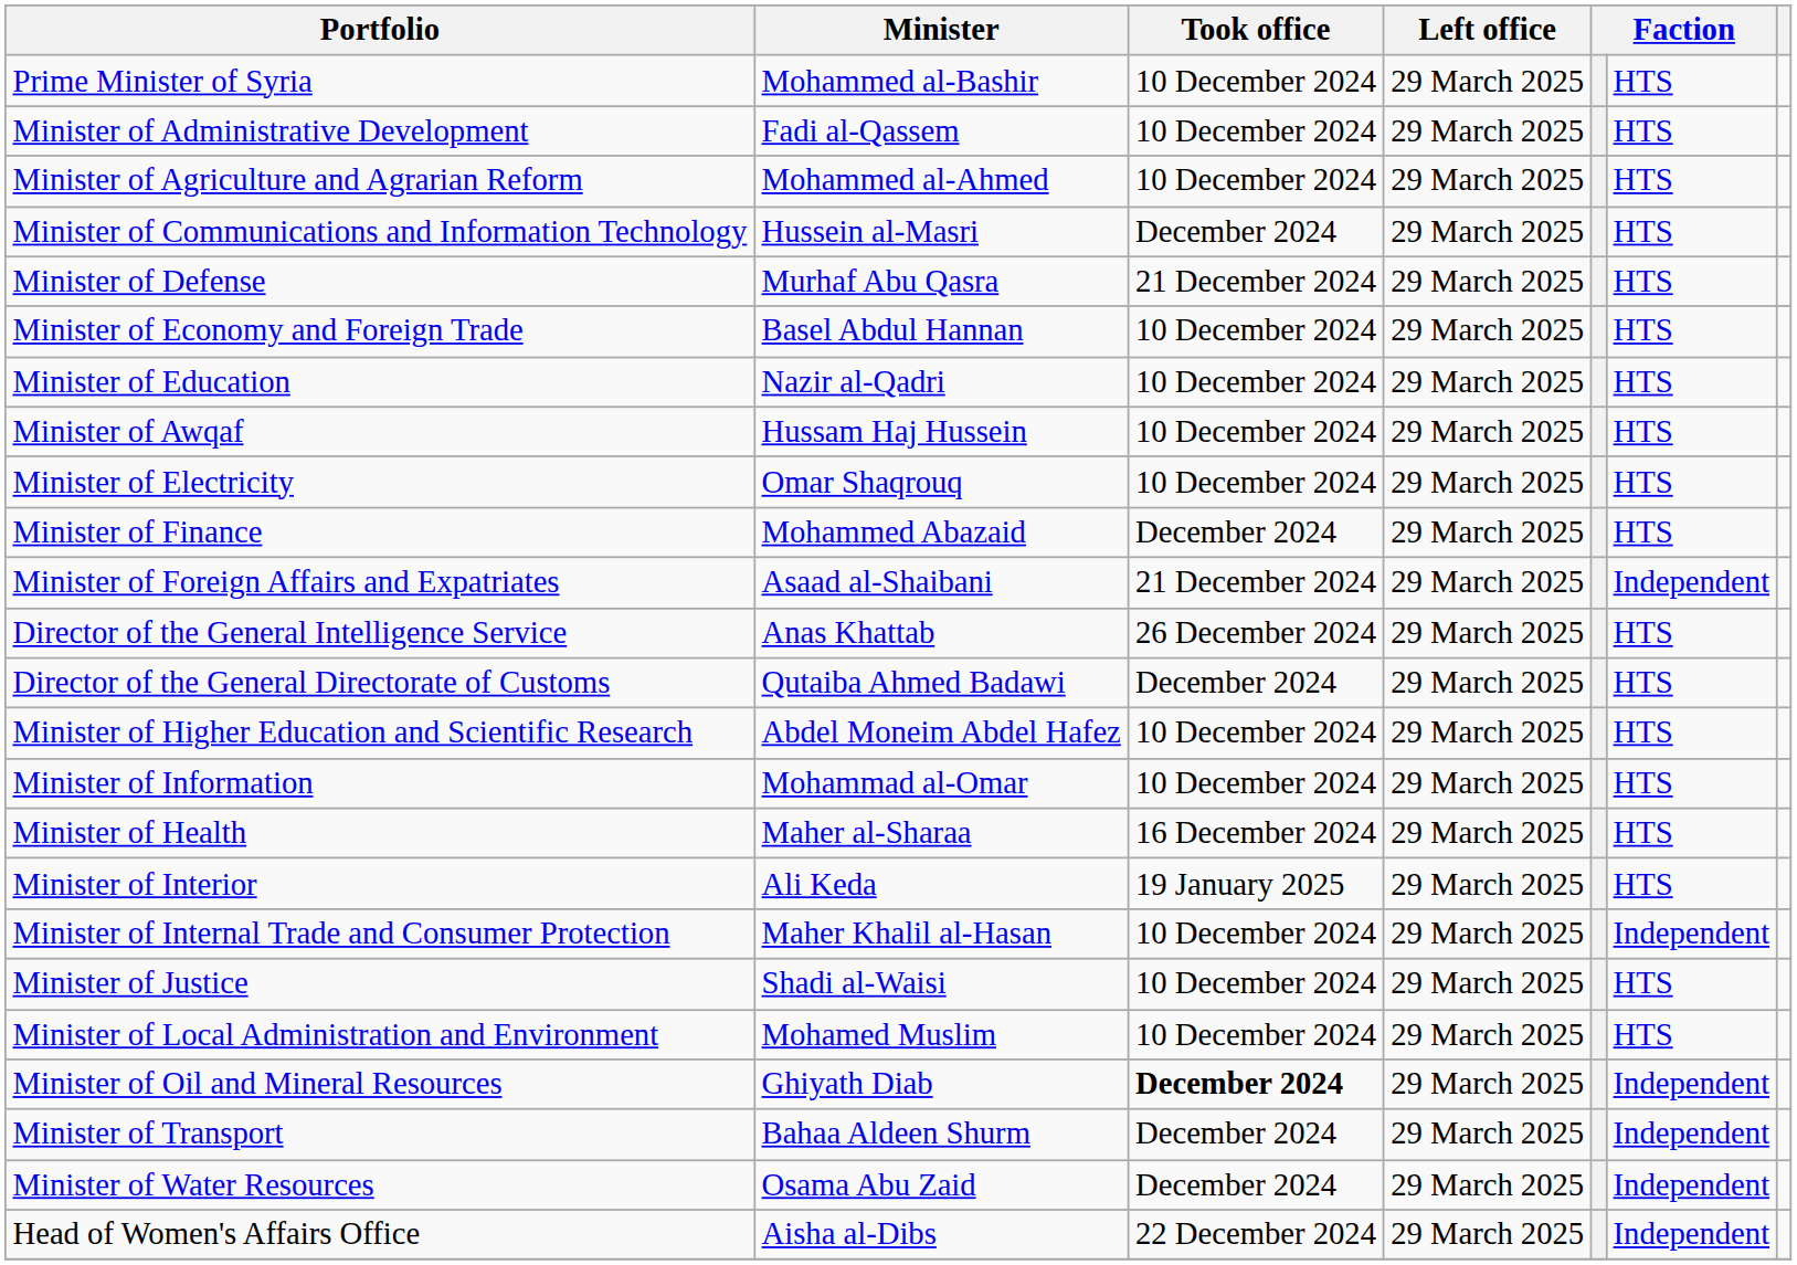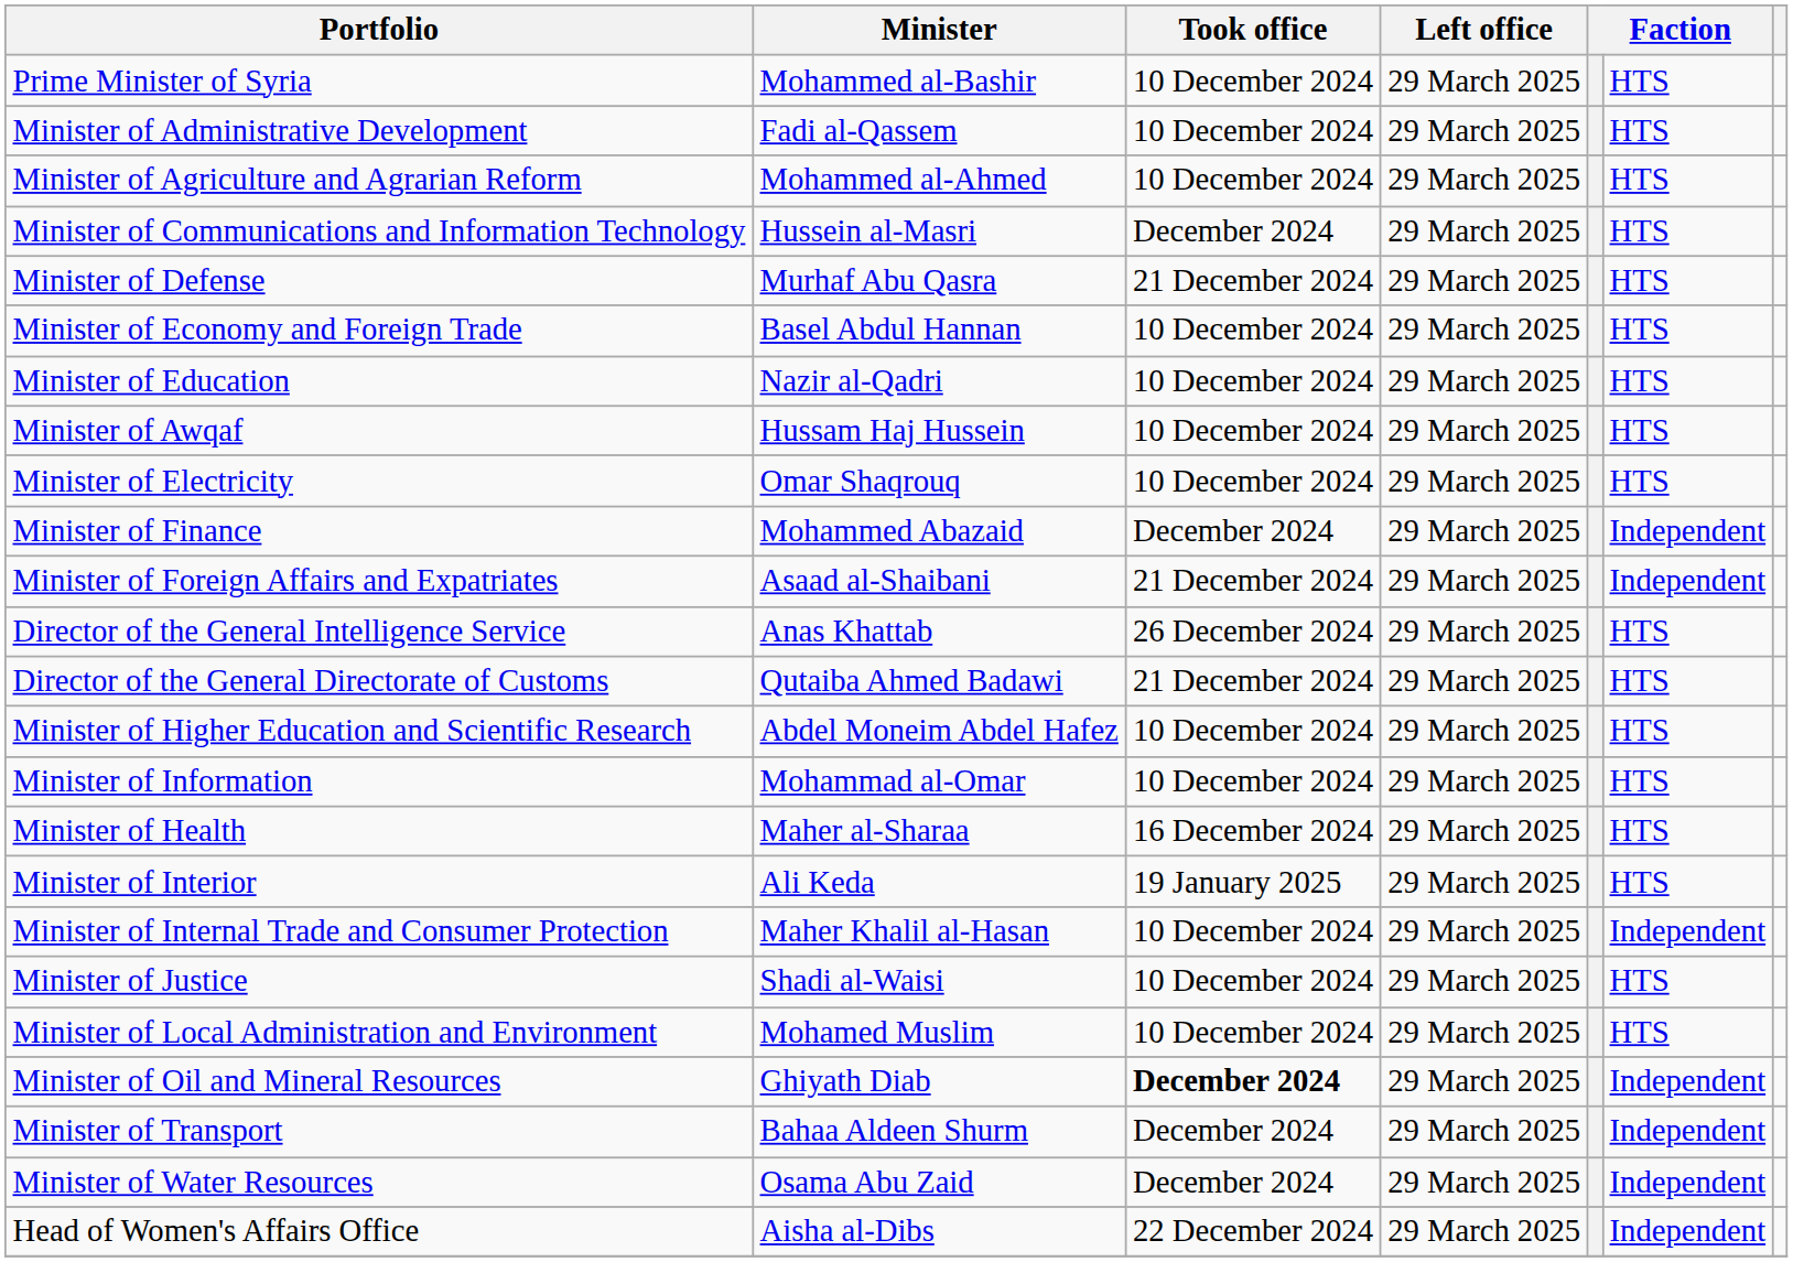 <table class="wikitable">
 <tr>
 <th>Portfolio</th>
 <th>Minister</th>
 <th>Took office</th>
 <th>Left office</th>
 <th colspan="2"><a href='#'>Faction</a></th>
 <th></th>
 </tr>
 <tr>
 <td><a href='#'>Prime Minister of Syria</a></td>
 <td><a href='#'>Mohammed al-Bashir</a></td>
 <td>10 December 2024</td>
 <td>29 March 2025</td>
 <th style="background: "></th>
 <td><a href='#'>HTS</a></td>
 <td></td>
 </tr>
 <tr>
 <td><a href='#'>Minister of Administrative Development</a></td>
 <td><a href='#'>Fadi al-Qassem</a></td>
 <td>10 December 2024</td>
 <td>29 March 2025</td>
 <th style="background: "></th>
 <td><a href='#'>HTS</a></td>
 <td></td>
 </tr>
 <tr>
 <td><a href='#'>Minister of Agriculture and Agrarian Reform</a></td>
 <td><a href='#'>Mohammed al-Ahmed</a></td>
 <td>10 December 2024</td>
 <td>29 March 2025</td>
 <th style="background: "></th>
 <td><a href='#'>HTS</a></td>
 <td></td>
 </tr>
 <tr>
 <td><a href='#'>Minister of Communications and Information Technology</a></td>
 <td><a href='#'>Hussein al-Masri</a></td>
 <td>December 2024</td>
 <td>29 March 2025</td>
 <th style="background: "></th>
 <td><a href='#'>HTS</a></td>
 <td></td>
 </tr>
 <tr>
 <td><a href='#'>Minister of Defense</a></td>
 <td><a href='#'>Murhaf Abu Qasra</a></td>
 <td>21 December 2024</td>
 <td>29 March 2025</td>
 <th style="background: "></th>
 <td><a href='#'>HTS</a></td>
 <td></td>
 </tr>
 <tr>
 <td><a href='#'>Minister of Economy and Foreign Trade</a></td>
 <td><a href='#'>Basel Abdul Hannan</a></td>
 <td>10 December 2024</td>
 <td>29 March 2025</td>
 <th style="background: "></th>
 <td><a href='#'>HTS</a></td>
 <td></td>
 </tr>
 <tr>
 <td><a href='#'>Minister of Education</a></td>
 <td><a href='#'>Nazir al-Qadri</a></td>
 <td>10 December 2024</td>
 <td>29 March 2025</td>
 <th style="background: "></th>
 <td><a href='#'>HTS</a></td>
 <td></td>
 </tr>
 <tr>
 <td><a href='#'>Minister of Awqaf</a></td>
 <td><a href='#'>Hussam Haj Hussein</a></td>
 <td>10 December 2024</td>
 <td>29 March 2025</td>
 <th style="background: "></th>
 <td><a href='#'>HTS</a></td>
 <td></td>
 </tr>
 <tr>
 <td><a href='#'>Minister of Electricity</a></td>
 <td><a href='#'>Omar Shaqrouq</a></td>
 <td>10 December 2024</td>
 <td>29 March 2025</td>
 <th style="background: "></th>
 <td><a href='#'>HTS</a></td>
 <td></td>
 </tr>
 <tr>
 <td><a href='#'>Minister of Finance</a></td>
 <td><a href='#'>Mohammed Abazaid</a></td>
 <td>December 2024</td>
 <td>29 March 2025</td>
 <th style="background: "></th>
-<td><a href='#'>HTS</a></td>
+<td><a href='#'>Independent</a></td>
 <td></td>
 </tr>
 <tr>
 <td><a href='#'>Minister of Foreign Affairs and Expatriates</a></td>
 <td><a href='#'>Asaad al-Shaibani</a></td>
 <td>21 December 2024</td>
 <td>29 March 2025</td>
 <th style="background: "></th>
 <td><a href='#'>Independent</a></td>
 <td></td>
 </tr>
 <tr>
 <td><a href='#'>Director of the General Intelligence Service</a></td>
 <td><a href='#'>Anas Khattab</a></td>
 <td>26 December 2024</td>
 <td>29 March 2025</td>
 <th style="background: "></th>
 <td><a href='#'>HTS</a></td>
 <td></td>
 </tr>
 <tr>
 <td><a href='#'>Director of the General Directorate of Customs</a></td>
 <td><a href='#'>Qutaiba Ahmed Badawi</a></td>
-<td>December 2024</td>
+<td>21 December 2024</td>
 <td>29 March 2025</td>
 <th style="background: "></th>
 <td><a href='#'>HTS</a></td>
 <td></td>
 </tr>
 <tr>
 <td><a href='#'>Minister of Higher Education and Scientific Research</a></td>
 <td><a href='#'>Abdel Moneim Abdel Hafez</a></td>
 <td>10 December 2024</td>
 <td>29 March 2025</td>
 <th style="background: "></th>
 <td><a href='#'>HTS</a></td>
 <td></td>
 </tr>
 <tr>
 <td><a href='#'>Minister of Information</a></td>
 <td><a href='#'>Mohammad al-Omar</a></td>
 <td>10 December 2024</td>
 <td>29 March 2025</td>
 <th style="background: "></th>
 <td><a href='#'>HTS</a></td>
 <td></td>
 </tr>
 <tr>
 <td><a href='#'>Minister of Health</a></td>
 <td><a href='#'>Maher al-Sharaa</a></td>
 <td>16 December 2024</td>
 <td>29 March 2025</td>
 <th style="background: "></th>
 <td><a href='#'>HTS</a></td>
 <td></td>
 </tr>
 <tr>
 <td><a href='#'>Minister of Interior</a></td>
 <td><a href='#'>Ali Keda</a></td>
 <td>19 January 2025</td>
 <td>29 March 2025</td>
 <th style="background: "></th>
 <td><a href='#'>HTS</a></td>
 <td></td>
 </tr>
 <tr>
 <td><a href='#'>Minister of Internal Trade and Consumer Protection</a></td>
 <td><a href='#'>Maher Khalil al-Hasan</a></td>
 <td>10 December 2024</td>
 <td>29 March 2025</td>
 <th style="background: "></th>
 <td><a href='#'>Independent</a></td>
 <td></td>
 </tr>
 <tr>
 <td><a href='#'>Minister of Justice</a></td>
 <td><a href='#'>Shadi al-Waisi</a></td>
 <td>10 December 2024</td>
 <td>29 March 2025</td>
 <th style="background: "></th>
 <td><a href='#'>HTS</a></td>
 <td></td>
 </tr>
 <tr>
 <td><a href='#'>Minister of Local Administration and Environment</a></td>
 <td><a href='#'>Mohamed Muslim</a></td>
 <td>10 December 2024</td>
 <td>29 March 2025</td>
 <th style="background: "></th>
 <td><a href='#'>HTS</a></td>
 <td></td>
 </tr>
 <tr>
 <td><a href='#'>Minister of Oil and Mineral Resources</a></td>
 <td><a href='#'>Ghiyath Diab</a></td>
 <td><strong>December 2024</strong></td>
 <td>29 March 2025</td>
 <th style="background: "></th>
 <td><a href='#'>Independent</a></td>
 <td></td>
 </tr>
 <tr>
 <td><a href='#'>Minister of Transport</a></td>
 <td><a href='#'>Bahaa Aldeen Shurm</a></td>
 <td>December 2024</td>
 <td>29 March 2025</td>
 <th style="background: "></th>
 <td><a href='#'>Independent</a></td>
 <td></td>
 </tr>
 <tr>
 <td><a href='#'>Minister of Water Resources</a></td>
 <td><a href='#'>Osama Abu Zaid</a></td>
 <td>December 2024</td>
 <td>29 March 2025</td>
 <th style="background: "></th>
 <td><a href='#'>Independent</a></td>
 <td></td>
 </tr>
 <tr>
 <td>Head of Women's Affairs Office</td>
 <td><a href='#'>Aisha al-Dibs</a></td>
 <td>22 December 2024</td>
 <td>29 March 2025</td>
 <th style="background: "></th>
 <td><a href='#'>Independent</a></td>
 <td></td>
 </tr>
 <tr>
 </tr>
 </table>
